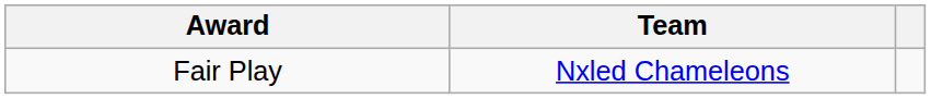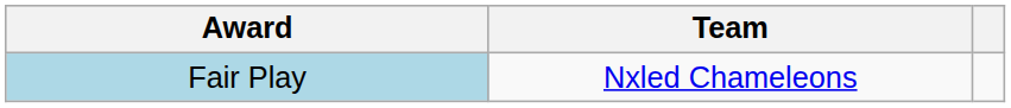 <table class="wikitable">
 <tr>
 <th width=250>Award</th>
 <th colspan=2 width=250>Team</th>
 <th width=10></th>
 </tr>
 <tr align=center>
-<td>Fair Play</td>
+<td style="background: lightblue;">Fair Play</td>
 <td colspan=2><a href='#'>Nxled Chameleons</a></td>
 <td></td>
 </tr>
 </table>
